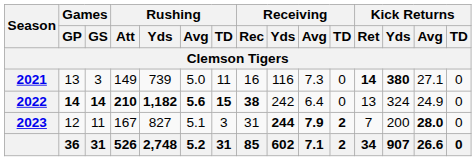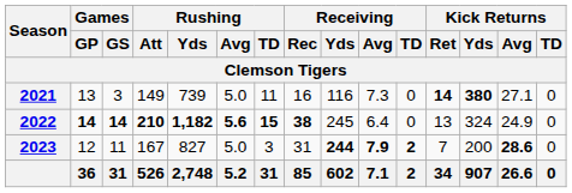 <table class="wikitable" style="text-align:center;">
 <tr>
 <th rowspan="2">Season</th>
 <th colspan="2">Games</th>
 <th colspan="4">Rushing</th>
 <th colspan="4">Receiving</th>
 <th colspan="4">Kick Returns</th>
 </tr>
 <tr>
 <th>GP</th>
 <th>GS</th>
 <th>Att</th>
 <th>Yds</th>
 <th>Avg</th>
 <th>TD</th>
 <th>Rec</th>
 <th>Yds</th>
 <th>Avg</th>
 <th>TD</th>
 <th>Ret</th>
 <th>Yds</th>
 <th>Avg</th>
 <th>TD</th>
 </tr>
 <tr>
 <th colspan="15">Clemson Tigers</th>
 </tr>
 <tr>
 <th><a href='#'>2021</a></th>
 <td>13</td>
 <td>3</td>
 <td>149</td>
 <td>739</td>
 <td>5.0</td>
 <td>11</td>
 <td>16</td>
 <td>116</td>
 <td>7.3</td>
 <td>0</td>
 <td><strong>14</strong></td>
 <td><strong>380</strong></td>
 <td>27.1</td>
 <td>0</td>
 </tr>
 <tr>
 <th><a href='#'>2022</a></th>
 <td><strong>14</strong></td>
 <td><strong>14</strong></td>
 <td><strong>210</strong></td>
 <td><strong>1,182</strong></td>
 <td><strong>5.6</strong></td>
 <td><strong>15</strong></td>
 <td><strong>38</strong></td>
-<td>242</td>
+<td>245</td>
 <td>6.4</td>
 <td>0</td>
 <td>13</td>
 <td>324</td>
 <td>24.9</td>
 <td>0</td>
 </tr>
 <tr>
 <th><a href='#'>2023</a></th>
 <td>12</td>
 <td>11</td>
 <td>167</td>
 <td>827</td>
-<td>5.1</td>
+<td>5.0</td>
 <td>3</td>
 <td>31</td>
 <td><strong>244</strong></td>
 <td><strong>7.9</strong></td>
 <td><strong>2</strong></td>
 <td>7</td>
 <td>200</td>
-<td><strong>28.0</strong></td>
+<td><strong>28.6</strong></td>
 <td>0</td>
 </tr>
 <tr>
 <th></th>
 <th>36</th>
 <th>31</th>
 <th>526</th>
 <th>2,748</th>
 <th>5.2</th>
 <th>31</th>
 <th>85</th>
 <th>602</th>
 <th>7.1</th>
 <th>2</th>
 <th>34</th>
 <th>907</th>
 <th>26.6</th>
 <th>0</th>
 </tr>
 </table>
